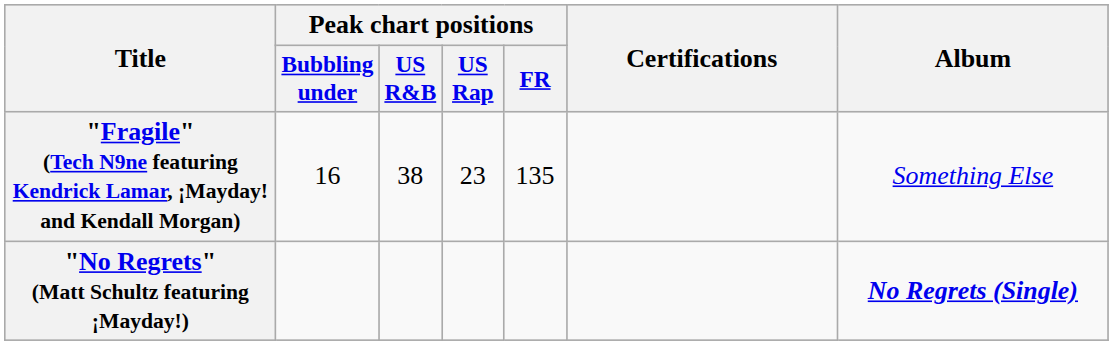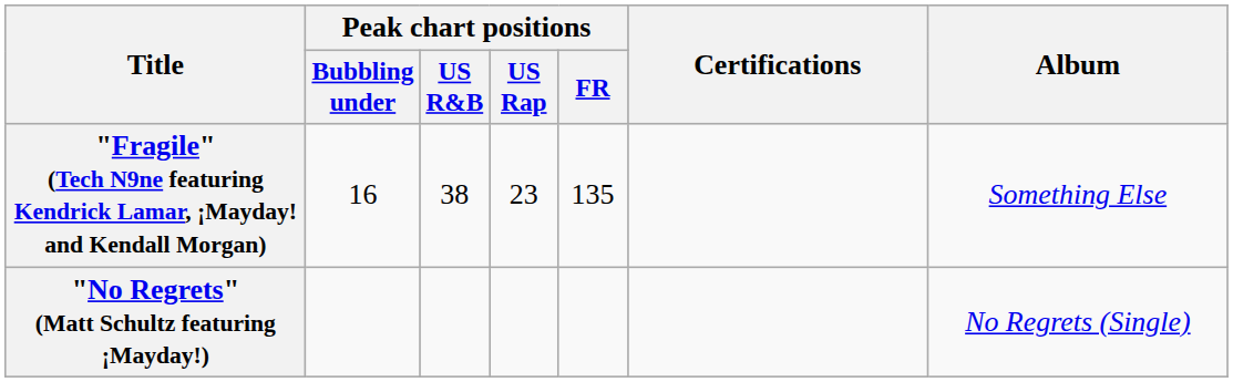 <table class="wikitable plainrowheaders" style="text-align:center;">
 <tr>
 <th scope="col" rowspan="2" style="width:10em;">Title</th>
 <th scope="col" colspan="4">Peak chart positions</th>
 <th scope="col" rowspan="2" style="width:10em;">Certifications</th>
 <th scope="col" rowspan="2" style="width:10em;">Album</th>
 </tr>
 <tr>
 <th scope="col" style="width:2.2em;font-size:90%;"><a href='#'>Bubbling <br>under</a><br></th>
 <th scope="col" style="width:2.2em;font-size:90%;"><a href='#'>US R&B</a><br></th>
 <th scope="col" style="width:2.2em;font-size:90%;"><a href='#'>US Rap</a><br></th>
 <th scope="col" style="width:2.2em;font-size:90%;"><a href='#'>FR</a><br></th>
 </tr>
 <tr>
 <th scope="row">"<a href='#'>Fragile</a>"<br><small>(<a href='#'>Tech N9ne</a> featuring <a href='#'>Kendrick Lamar</a>, ¡Mayday! and Kendall Morgan)</small></th>
 <td>16</td>
 <td>38</td>
 <td>23</td>
 <td>135</td>
 <td></td>
 <td><em><a href='#'>Something Else</a></em></td>
 </tr>
 <tr>
 <th scope="row">"<a href='#'>No Regrets</a>"<br><small>(Matt Schultz featuring ¡Mayday!)</small></th>
 <td></td>
 <td></td>
 <td></td>
 <td></td>
 <td></td>
-<td><strong><em><a href='#'>No Regrets (Single)</a></em></strong></td>
+<td><em><a href='#'>No Regrets (Single)</a></em></td>
 </tr>
 </table>
